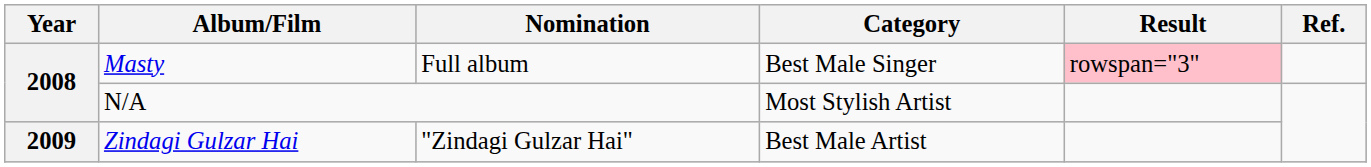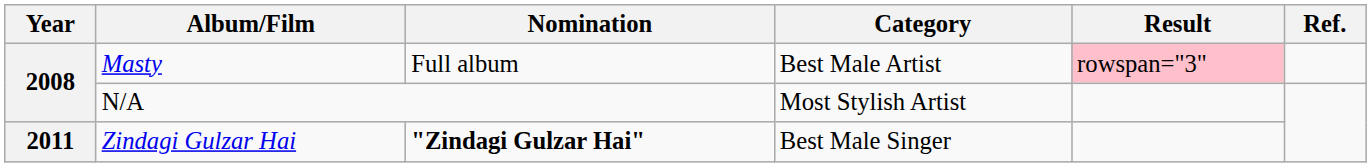 <table class="wikitable plainrowheaders" width="70%" "textcolor:#000;">
 <tr>
 <th>Year</th>
 <th>Album/Film</th>
 <th>Nomination</th>
 <th>Category</th>
 <th>Result</th>
 <th>Ref.</th>
 </tr>
 <tr>
 <th rowspan="2">2008</th>
 <td><em><a href='#'>Masty</a></em></td>
 <td>Full album</td>
-<td>Best Male Singer</td>
+<td>Best Male Artist</td>
 <td style="background: pink;">rowspan="3" </td>
 <td></td>
 </tr>
 <tr>
 <td colspan="2">N/A</td>
 <td>Most Stylish Artist</td>
 <td></td>
 </tr>
 <tr>
-<th>2009</th>
+<th>2011</th>
 <td><em><a href='#'>Zindagi Gulzar Hai</a></em></td>
-<td>"Zindagi Gulzar Hai"</td>
-<td>Best Male Artist</td>
+<td><strong>"Zindagi Gulzar Hai"</strong></td>
+<td>Best Male Singer</td>
 <td></td>
 </tr>
 </table>
